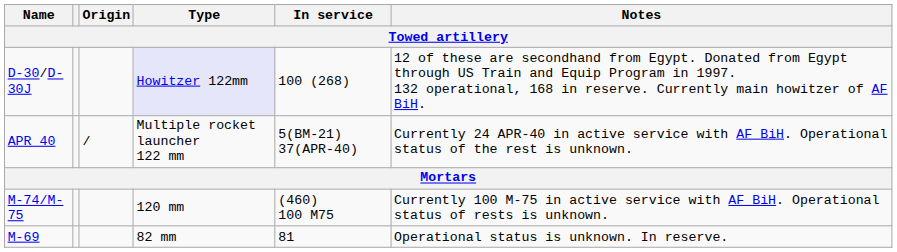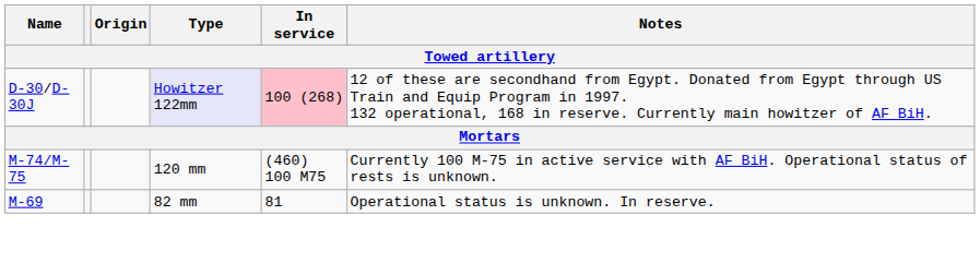 <table class="wikitable">
 <tr>
 <th style="text-align:center;">Name</th>
 <th></th>
 <th style="text-align: center;">Origin</th>
 <th style="text-align:l center;">Type</th>
 <th style="text-align:l center;">In service</th>
 <th style="text-align: center;">Notes</th>
 </tr>
 <tr>
 <th colspan="6" style="align: center;"><a href='#'>Towed artillery</a></th>
 </tr>
 <tr>
 <td><a href='#'>D-30</a>/<a href='#'>D-30J</a></td>
 <td></td>
 <td></td>
 <td style="background: lavender;"><a href='#'>Howitzer</a> 122mm</td>
-<td>100 (268)</td>
+<td style="background: pink;">100 (268)</td>
 <td>12 of these are secondhand from Egypt. Donated from Egypt through US Train and Equip Program in 1997.<br>132 operational, 168 in reserve. Currently main howitzer of <a href='#'>AF BiH</a>.</td>
-</tr>
-<tr>
-<td><a href='#'>APR 40</a></td>
-<td></td>
-<td> / </td>
-<td>Multiple rocket launcher<br>122 mm</td>
-<td>5(BM-21) 37(APR-40)</td>
-<td>Currently 24 APR-40 in active service with <a href='#'>AF BiH</a>. Operational status of the rest is unknown.</td>
 </tr>
 <tr>
 <th colspan="6"><a href='#'>Mortars</a></th>
 </tr>
 <tr>
 <td><a href='#'>M-74/M-75</a></td>
 <td></td>
 <td></td>
 <td>120 mm</td>
 <td>(460)<br>100 M75</td>
 <td>Currently 100 M-75 in active service with <a href='#'>AF BiH</a>. Operational status of rests is unknown.</td>
 </tr>
 <tr>
 <td><a href='#'>M-69</a></td>
 <td></td>
 <td></td>
 <td>82 mm</td>
 <td>81</td>
 <td>Operational status is unknown. In reserve.</td>
 </tr>
 </table>
